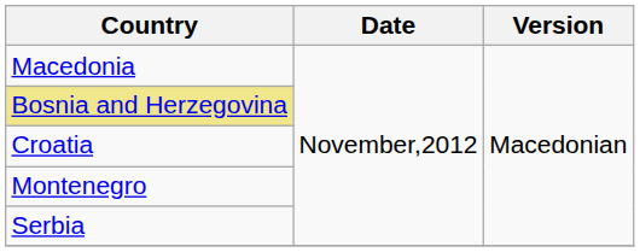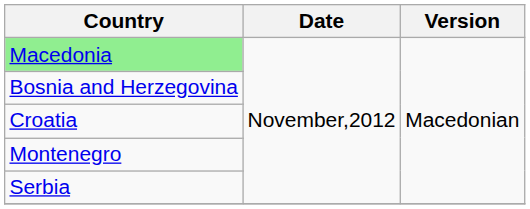 <table class="wikitable">
 <tr>
 <th>Country</th>
 <th>Date</th>
 <th>Version</th>
 </tr>
 <tr>
-<td><a href='#'>Macedonia</a></td>
+<td style="background: lightgreen;"><a href='#'>Macedonia</a></td>
 <td rowspan="5">November,2012</td>
 <td rowspan="5">Macedonian</td>
 </tr>
 <tr>
-<td style="background: khaki;"><a href='#'>Bosnia and Herzegovina</a></td>
+<td><a href='#'>Bosnia and Herzegovina</a></td>
 </tr>
 <tr>
 <td><a href='#'>Croatia</a></td>
 </tr>
 <tr>
 <td><a href='#'>Montenegro</a></td>
 </tr>
 <tr>
 <td><a href='#'>Serbia</a></td>
 </tr>
 <tr>
 </tr>
 </table>
